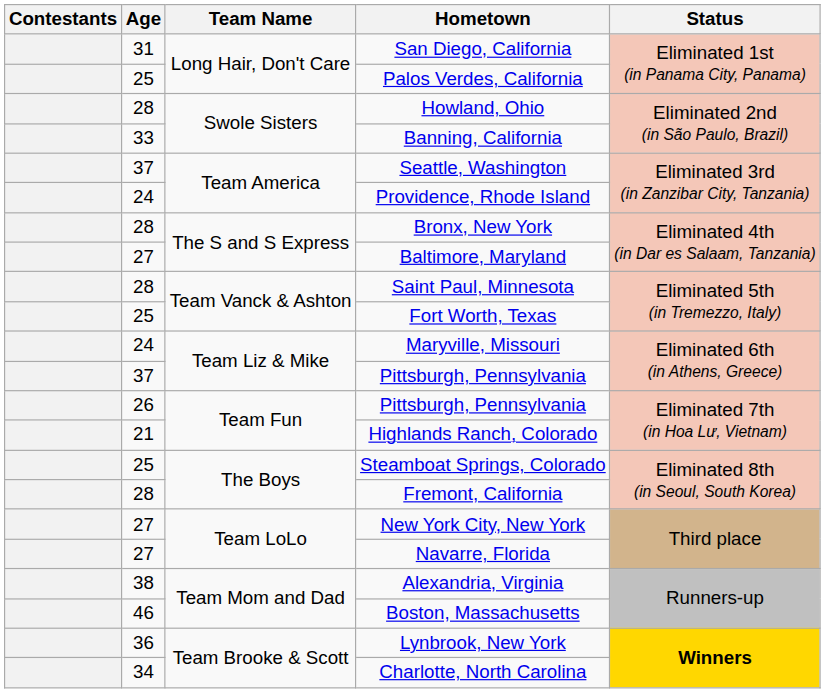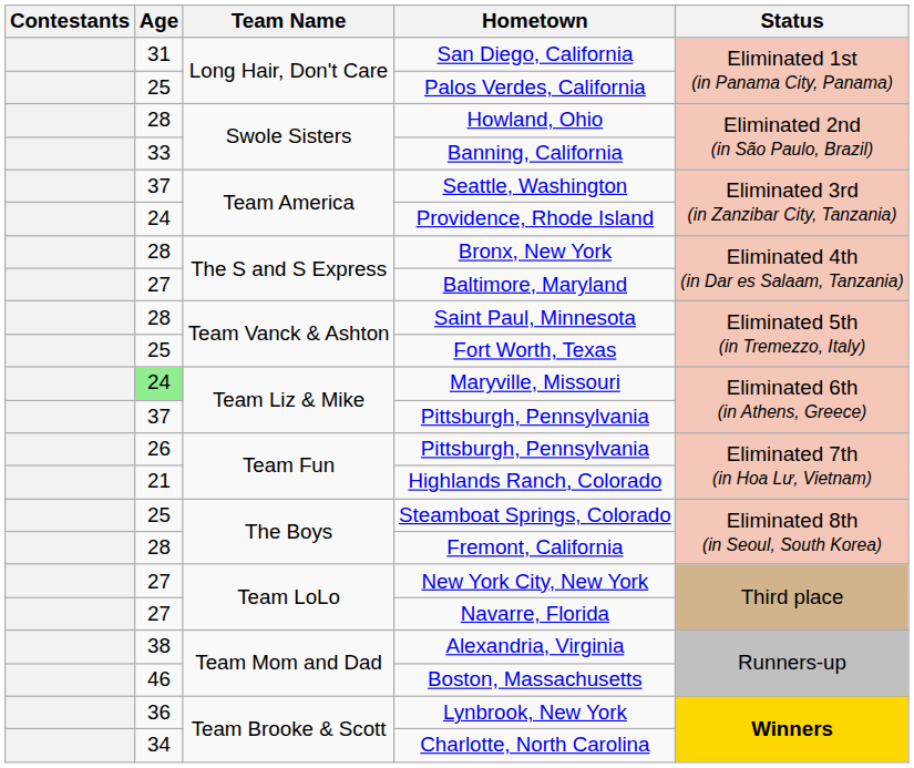 <table class="wikitable sortable" style="text-align:center;">
 <tr>
 <th scope="col">Contestants</th>
 <th scope="col">Age</th>
 <th class="unsortable" scope="col">Team Name</th>
 <th scope="col" class="unsortable">Hometown</th>
 <th scope="col">Status</th>
 </tr>
 <tr>
 <th scope="row"></th>
 <td>31</td>
 <td rowspan="2">Long Hair, Don't Care</td>
 <td><a href='#'>San Diego, California</a></td>
 <td rowspan="2" bgcolor="f4c7b8">Eliminated 1st<br><small><em>(in Panama City, Panama)</em></small></td>
 </tr>
 <tr>
 <th scope="row"></th>
 <td>25</td>
 <td><a href='#'>Palos Verdes, California</a></td>
 </tr>
 <tr>
 <th scope="row"></th>
 <td>28</td>
 <td rowspan="2">Swole Sisters</td>
 <td><a href='#'>Howland, Ohio</a></td>
 <td rowspan="2" bgcolor="f4c7b8">Eliminated 2nd<br><small><em>(in São Paulo, Brazil)</em></small></td>
 </tr>
 <tr>
 <th scope="row"></th>
 <td>33</td>
 <td><a href='#'>Banning, California</a></td>
 </tr>
 <tr>
 <th scope="row"></th>
 <td>37</td>
 <td rowspan="2">Team America</td>
 <td><a href='#'>Seattle, Washington</a></td>
 <td rowspan="2" bgcolor="f4c7b8">Eliminated 3rd<br><small><em>(in Zanzibar City, Tanzania)</em></small></td>
 </tr>
 <tr>
 <th scope="row"></th>
 <td>24</td>
 <td><a href='#'>Providence, Rhode Island</a></td>
 </tr>
 <tr>
 <th scope="row"></th>
 <td>28</td>
 <td rowspan="2">The S and S Express</td>
 <td><a href='#'>Bronx, New York</a></td>
 <td rowspan="2" bgcolor="f4c7b8">Eliminated 4th<br><small><em>(in Dar es Salaam, Tanzania)</em></small></td>
 </tr>
 <tr>
 <th scope="row"></th>
 <td>27</td>
 <td><a href='#'>Baltimore, Maryland</a></td>
 </tr>
 <tr>
 <th scope="row"></th>
 <td>28</td>
 <td rowspan="2">Team Vanck & Ashton</td>
 <td><a href='#'>Saint Paul, Minnesota</a></td>
 <td rowspan="2" bgcolor="f4c7b8">Eliminated 5th<br><small><em>(in Tremezzo, Italy)</em></small></td>
 </tr>
 <tr>
 <th scope="row"></th>
 <td>25</td>
 <td><a href='#'>Fort Worth, Texas</a></td>
 </tr>
 <tr>
 <th scope="row"></th>
-<td>24</td>
+<td style="background: lightgreen;">24</td>
 <td rowspan="2">Team Liz & Mike</td>
 <td><a href='#'>Maryville, Missouri</a></td>
 <td rowspan="2" bgcolor="f4c7b8">Eliminated 6th<br><small><em>(in Athens, Greece)</em></small></td>
 </tr>
 <tr>
 <th scope="row"></th>
 <td>37</td>
 <td><a href='#'>Pittsburgh, Pennsylvania</a></td>
 </tr>
 <tr>
 <th scope="row"></th>
 <td>26</td>
 <td rowspan="2">Team Fun</td>
 <td><a href='#'>Pittsburgh, Pennsylvania</a></td>
 <td rowspan="2" bgcolor="f4c7b8">Eliminated 7th<br><small><em>(in Hoa Lư, Vietnam)</em></small></td>
 </tr>
 <tr>
 <th scope="row"></th>
 <td>21</td>
 <td><a href='#'>Highlands Ranch, Colorado</a></td>
 </tr>
 <tr>
 <th scope="row"></th>
 <td>25</td>
 <td rowspan="2">The Boys</td>
 <td><a href='#'>Steamboat Springs, Colorado</a></td>
 <td rowspan="2" bgcolor="f4c7b8">Eliminated 8th<br><small><em>(in Seoul, South Korea)</em></small></td>
 </tr>
 <tr>
 <th scope="row"></th>
 <td>28</td>
 <td><a href='#'>Fremont, California</a></td>
 </tr>
 <tr>
 <th scope="row"></th>
 <td>27</td>
 <td rowspan="2">Team LoLo</td>
 <td><a href='#'>New York City, New York</a></td>
 <td rowspan="2" bgcolor="tan">Third place</td>
 </tr>
 <tr>
 <th scope="row"></th>
 <td>27</td>
 <td><a href='#'>Navarre, Florida</a></td>
 </tr>
 <tr>
 <th scope="row"></th>
 <td>38</td>
 <td rowspan="2">Team Mom and Dad</td>
 <td><a href='#'>Alexandria, Virginia</a></td>
 <td rowspan="2" bgcolor="silver">Runners-up</td>
 </tr>
 <tr>
 <th scope="row"></th>
 <td>46</td>
 <td><a href='#'>Boston, Massachusetts</a></td>
 </tr>
 <tr>
 <th scope="row"></th>
 <td>36</td>
 <td rowspan="2">Team Brooke & Scott</td>
 <td><a href='#'>Lynbrook, New York</a></td>
 <td rowspan="2" bgcolor="gold"><strong>Winners</strong></td>
 </tr>
 <tr>
 <th scope="row"></th>
 <td>34</td>
 <td><a href='#'>Charlotte, North Carolina</a></td>
 </tr>
 </table>
